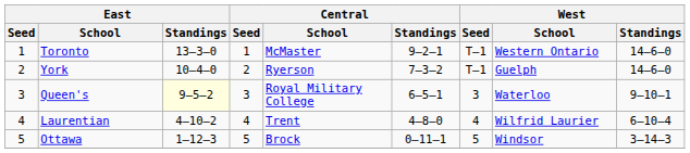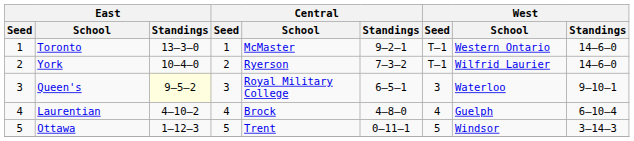 <table class="wikitable">
 <tr>
 <th colspan=3>East</th>
 <th colspan=3>Central</th>
 <th colspan=3>West</th>
 </tr>
 <tr>
 <th>Seed</th>
 <th style="width:135px">School</th>
 <th>Standings</th>
 <th>Seed</th>
 <th style="width:140px">School</th>
 <th>Standings</th>
 <th>Seed</th>
 <th style="width:135px">School</th>
 <th>Standings</th>
 </tr>
 <tr>
 <td align=center>1</td>
 <td><a href='#'>Toronto</a></td>
 <td align=center>13–3–0</td>
 <td align=center>1</td>
 <td><a href='#'>McMaster</a></td>
 <td align=center>9–2–1</td>
 <td align=center>T–1</td>
 <td><a href='#'>Western Ontario</a></td>
 <td align=center>14–6–0</td>
 </tr>
 <tr>
 <td align=center>2</td>
 <td><a href='#'>York</a></td>
 <td align=center>10–4–0</td>
 <td align=center>2</td>
 <td><a href='#'>Ryerson</a></td>
 <td align=center>7–3–2</td>
 <td align=center>T–1</td>
-<td><a href='#'>Guelph</a></td>
+<td><a href='#'>Wilfrid Laurier</a></td>
 <td align=center>14–6–0</td>
 </tr>
 <tr>
 <td align=center>3</td>
 <td><a href='#'>Queen's</a></td>
 <td align=center style="background: lightyellow;">9–5–2</td>
 <td align=center>3</td>
 <td><a href='#'>Royal Military College</a></td>
 <td align=center>6–5–1</td>
 <td align=center>3</td>
 <td><a href='#'>Waterloo</a></td>
 <td align=center>9–10–1</td>
 </tr>
 <tr>
 <td align=center>4</td>
 <td><a href='#'>Laurentian</a></td>
 <td align=center>4–10–2</td>
 <td align=center>4</td>
-<td><a href='#'>Trent</a></td>
+<td><a href='#'>Brock</a></td>
 <td align=center>4–8–0</td>
 <td align=center>4</td>
-<td><a href='#'>Wilfrid Laurier</a></td>
+<td><a href='#'>Guelph</a></td>
 <td align=center>6–10–4</td>
 </tr>
 <tr>
 <td align=center>5</td>
 <td><a href='#'>Ottawa</a></td>
 <td align=center>1–12–3</td>
 <td align=center>5</td>
-<td><a href='#'>Brock</a></td>
+<td><a href='#'>Trent</a></td>
 <td align=center>0–11–1</td>
 <td align=center>5</td>
 <td><a href='#'>Windsor</a></td>
 <td align=center>3–14–3</td>
 </tr>
 <tr>
 </tr>
 </table>
